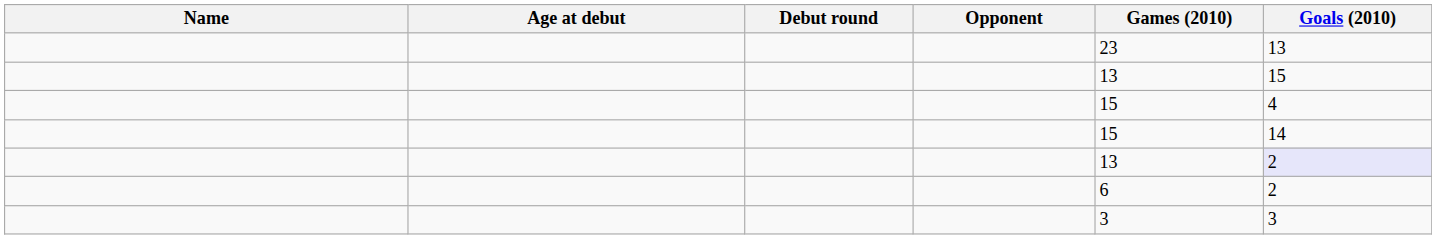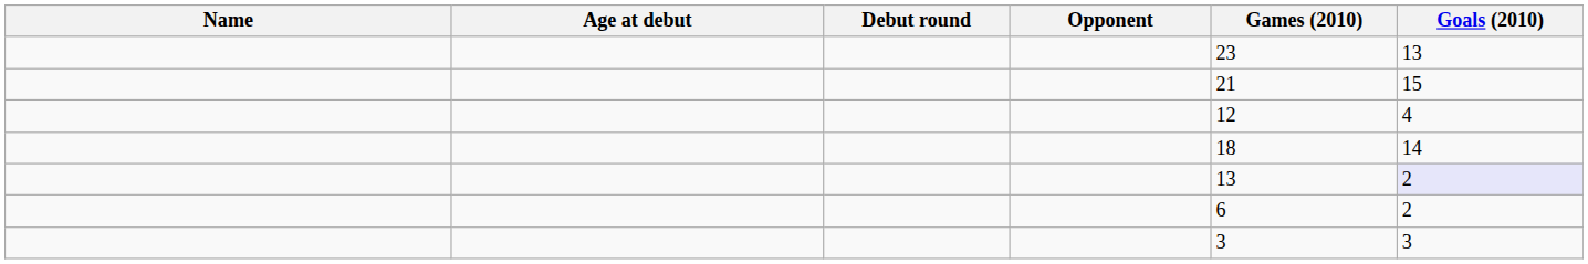 <table class="wikitable sortable" style="width:100%;">
 <tr style="background:#efefef;">
 <th style="width:12%;">Name</th>
 <th style="width:10%;">Age at debut</th>
 <th width=5%>Debut round</th>
 <th width=5%>Opponent</th>
 <th width=5%>Games (2010)</th>
 <th width=5%><a href='#'>Goals</a> (2010)</th>
 </tr>
 <tr>
 <td></td>
 <td></td>
 <td></td>
 <td></td>
 <td>23</td>
 <td>13</td>
 </tr>
 <tr>
 <td></td>
 <td></td>
 <td></td>
 <td></td>
-<td>13</td>
+<td>21</td>
 <td>15</td>
 </tr>
 <tr>
 <td></td>
 <td></td>
 <td></td>
 <td></td>
-<td>15</td>
+<td>12</td>
 <td>4</td>
 </tr>
 <tr>
 <td></td>
 <td></td>
 <td></td>
 <td></td>
-<td>15</td>
+<td>18</td>
 <td>14</td>
 </tr>
 <tr>
 <td></td>
 <td></td>
 <td></td>
 <td></td>
 <td>13</td>
 <td style="background: lavender;">2</td>
 </tr>
 <tr>
 <td></td>
 <td></td>
 <td></td>
 <td></td>
 <td>6</td>
 <td>2</td>
 </tr>
 <tr>
 <td></td>
 <td></td>
 <td></td>
 <td></td>
 <td>3</td>
 <td>3</td>
 </tr>
 </table>
